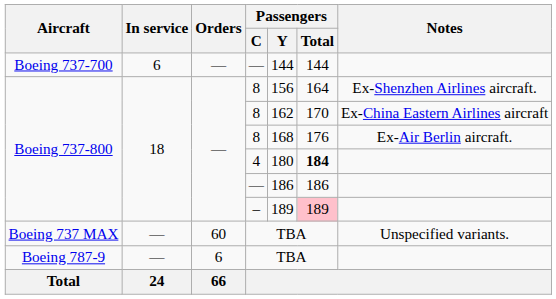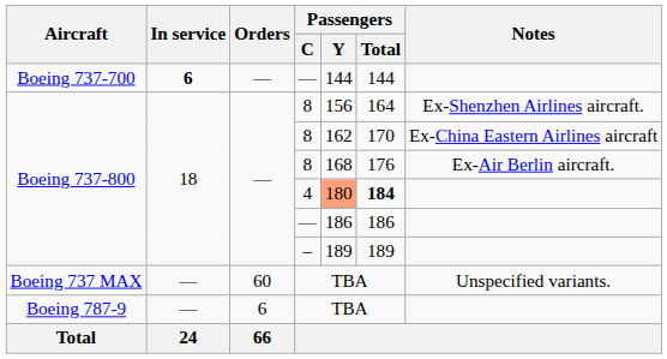 <table class="wikitable" style="text-align:center; margin:0.5em auto">
 <tr>
 <th rowspan="2">Aircraft</th>
 <th rowspan="2">In service</th>
 <th rowspan="2">Orders</th>
 <th colspan="3">Passengers</th>
 <th rowspan="2">Notes</th>
 </tr>
 <tr>
 <th><abbr>C</abbr></th>
 <th><abbr>Y</abbr></th>
 <th>Total</th>
 </tr>
 <tr>
 <td><a href='#'>Boeing 737-700</a></td>
-<td>6</td>
+<td><strong>6</strong></td>
 <td>—</td>
 <td>—</td>
 <td>144</td>
 <td>144</td>
 <td></td>
 </tr>
 <tr>
 <td rowspan="6"><a href='#'>Boeing 737-800</a></td>
 <td rowspan="6">18</td>
 <td rowspan="6">—</td>
 <td>8</td>
 <td>156</td>
 <td>164</td>
 <td>Ex-<a href='#'>Shenzhen Airlines</a> aircraft.</td>
 </tr>
 <tr>
 <td>8</td>
 <td>162</td>
 <td>170</td>
 <td>Ex-<a href='#'>China Eastern Airlines</a> aircraft</td>
 </tr>
 <tr>
 <td>8</td>
 <td>168</td>
 <td>176</td>
 <td>Ex-<a href='#'>Air Berlin</a> aircraft.</td>
 </tr>
 <tr>
 <td>4</td>
-<td>180</td>
+<td style="background: lightsalmon;">180</td>
 <td><strong>184</strong></td>
 <td></td>
 </tr>
 <tr>
 <td>—</td>
 <td>186</td>
 <td>186</td>
 <td></td>
 </tr>
 <tr>
 <td>–</td>
 <td>189</td>
-<td style="background: pink;">189</td>
+<td>189</td>
 <td></td>
 </tr>
 <tr>
 <td><a href='#'>Boeing 737 MAX</a></td>
 <td>—</td>
 <td>60</td>
 <td colspan="3"><abbr>TBA</abbr></td>
 <td>Unspecified variants.</td>
 </tr>
 <tr>
 <td><a href='#'>Boeing 787-9</a></td>
 <td>—</td>
 <td>6</td>
 <td colspan="3"><abbr>TBA</abbr></td>
 <td></td>
 </tr>
 <tr>
 <th>Total</th>
 <th>24</th>
 <th>66</th>
 <th colspan="4"></th>
 </tr>
 </table>
